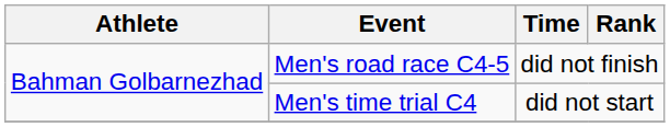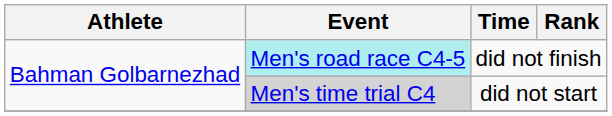 <table class=wikitable>
 <tr>
 <th>Athlete</th>
 <th>Event</th>
 <th>Time</th>
 <th>Rank</th>
 </tr>
 <tr>
 <td rowspan="2"><a href='#'>Bahman Golbarnezhad</a></td>
-<td><a href='#'>Men's road race C4-5</a></td>
+<td style="background: paleturquoise;"><a href='#'>Men's road race C4-5</a></td>
 <td align="center" colspan="2">did not finish</td>
 </tr>
 <tr>
-<td><a href='#'>Men's time trial C4</a></td>
+<td style="background: lightgrey;"><a href='#'>Men's time trial C4</a></td>
 <td align="center" colspan="2">did not start</td>
 </tr>
 <tr>
 </tr>
 </table>
